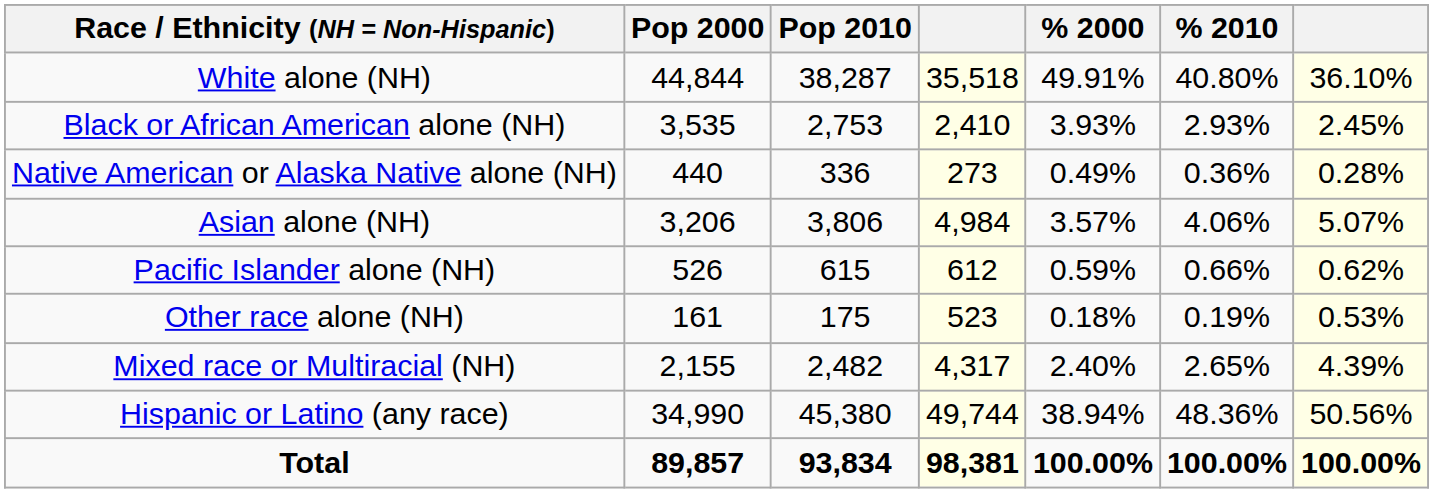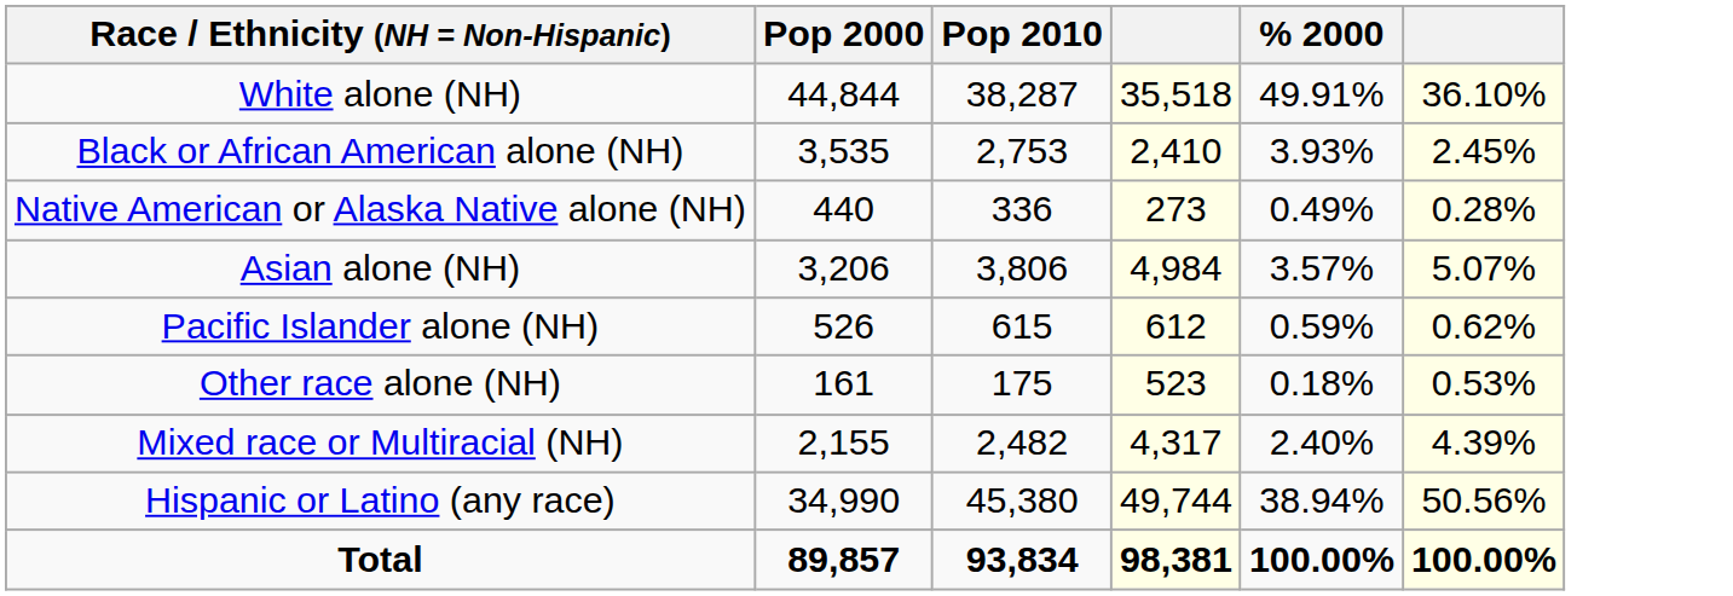 <table class="wikitable" style="text-align:center;">
 <tr>
 <th>Race / Ethnicity <small>(<em>NH = Non-Hispanic</em>)</small></th>
 <th>Pop 2000</th>
 <th>Pop 2010</th>
 <th></th>
 <th>% 2000</th>
-<th>% 2010</th>
 <th></th>
 </tr>
 <tr>
 <td><a href='#'>White</a> alone (NH)</td>
 <td>44,844</td>
 <td>38,287</td>
 <td style='background: #ffffe6;'>35,518</td>
 <td>49.91%</td>
-<td>40.80%</td>
 <td style='background: #ffffe6;'>36.10%</td>
 </tr>
 <tr>
 <td><a href='#'>Black or African American</a> alone (NH)</td>
 <td>3,535</td>
 <td>2,753</td>
 <td style='background: #ffffe6;'>2,410</td>
 <td>3.93%</td>
-<td>2.93%</td>
 <td style='background: #ffffe6;'>2.45%</td>
 </tr>
 <tr>
 <td><a href='#'>Native American</a> or <a href='#'>Alaska Native</a> alone (NH)</td>
 <td>440</td>
 <td>336</td>
 <td style='background: #ffffe6;'>273</td>
 <td>0.49%</td>
-<td>0.36%</td>
 <td style='background: #ffffe6;'>0.28%</td>
 </tr>
 <tr>
 <td><a href='#'>Asian</a> alone (NH)</td>
 <td>3,206</td>
 <td>3,806</td>
 <td style='background: #ffffe6;'>4,984</td>
 <td>3.57%</td>
-<td>4.06%</td>
 <td style='background: #ffffe6;'>5.07%</td>
 </tr>
 <tr>
 <td><a href='#'>Pacific Islander</a> alone (NH)</td>
 <td>526</td>
 <td>615</td>
 <td style='background: #ffffe6;'>612</td>
 <td>0.59%</td>
-<td>0.66%</td>
 <td style='background: #ffffe6;'>0.62%</td>
 </tr>
 <tr>
 <td><a href='#'>Other race</a> alone (NH)</td>
 <td>161</td>
 <td>175</td>
 <td style='background: #ffffe6;'>523</td>
 <td>0.18%</td>
-<td>0.19%</td>
 <td style='background: #ffffe6;'>0.53%</td>
 </tr>
 <tr>
 <td><a href='#'>Mixed race or Multiracial</a> (NH)</td>
 <td>2,155</td>
 <td>2,482</td>
 <td style='background: #ffffe6;'>4,317</td>
 <td>2.40%</td>
-<td>2.65%</td>
 <td style='background: #ffffe6;'>4.39%</td>
 </tr>
 <tr>
 <td><a href='#'>Hispanic or Latino</a> (any race)</td>
 <td>34,990</td>
 <td>45,380</td>
 <td style='background: #ffffe6;'>49,744</td>
 <td>38.94%</td>
-<td>48.36%</td>
 <td style='background: #ffffe6;'>50.56%</td>
 </tr>
 <tr>
 <td><strong>Total</strong></td>
 <td><strong>89,857</strong></td>
 <td><strong>93,834</strong></td>
 <td style='background: #ffffe6;'><strong>98,381</strong></td>
 <td><strong>100.00%</strong></td>
-<td><strong>100.00%</strong></td>
 <td style='background: #ffffe6;'><strong>100.00%</strong></td>
 </tr>
 </table>
